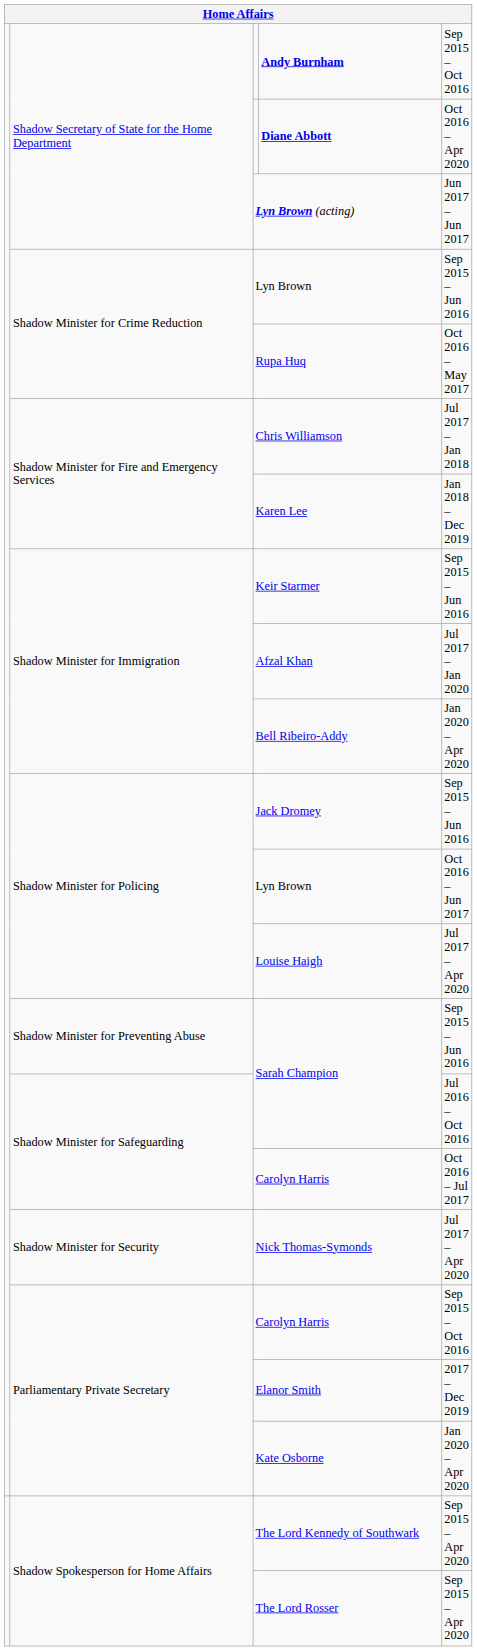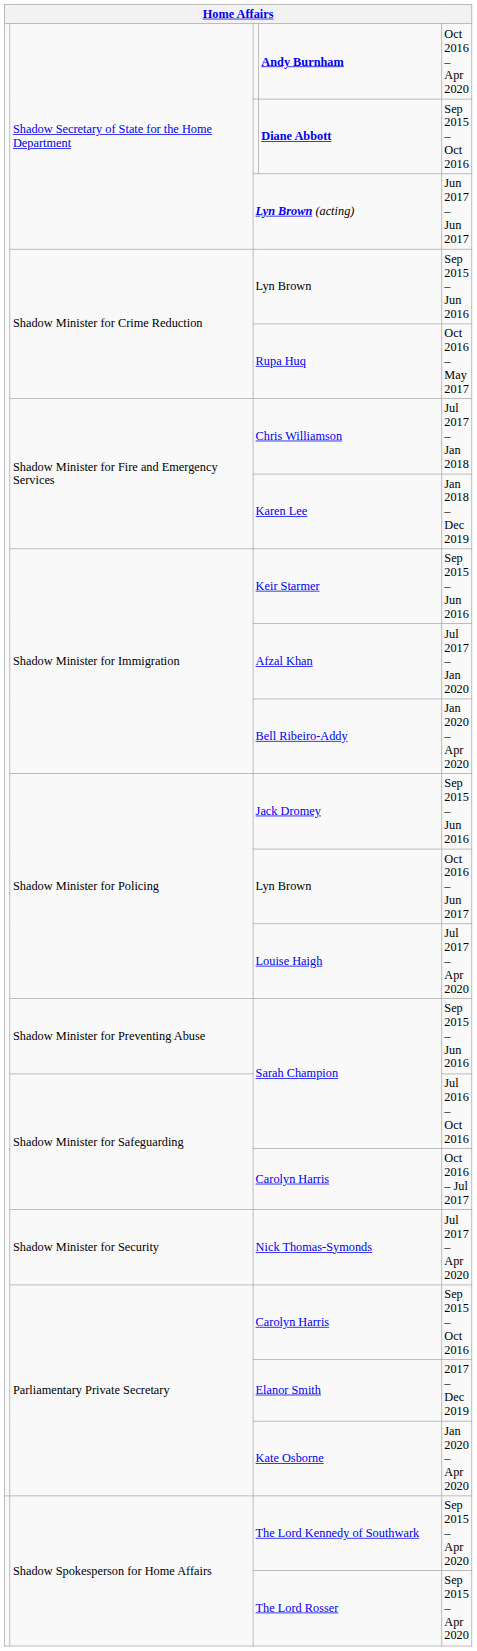 <table class="wikitable">
 <tr>
 <th colspan="5"><a href='#'>Home Affairs</a></th>
 </tr>
 <tr>
 <td rowspan="20" style="background: "></td>
 <td rowspan="3" style="width: 450px;"><a href='#'>Shadow Secretary of State for the Home Department</a></td>
 <td style="background: "></td>
 <td style="width: 337px;"><strong><a href='#'>Andy Burnham</a></strong></td>
-<td>Sep 2015 – Oct 2016</td>
+<td>Oct 2016 – Apr 2020</td>
 </tr>
 <tr>
 <td style="background: "></td>
 <td><strong><a href='#'>Diane Abbott</a></strong></td>
-<td>Oct 2016 – Apr 2020</td>
+<td>Sep 2015 – Oct 2016</td>
 </tr>
 <tr>
 <td colspan="2"><strong><em><a href='#'>Lyn Brown</a></em></strong> <em>(acting)</em></td>
 <td>Jun 2017 – Jun 2017</td>
 </tr>
 <tr>
 <td rowspan="2">Shadow Minister for Crime Reduction</td>
 <td colspan="2">Lyn Brown</td>
 <td>Sep 2015 – Jun 2016</td>
 </tr>
 <tr>
 <td colspan="2"><a href='#'>Rupa Huq</a></td>
 <td>Oct 2016 – May 2017</td>
 </tr>
 <tr>
 <td rowspan="2">Shadow Minister for Fire and Emergency Services</td>
 <td colspan="2"><a href='#'>Chris Williamson</a></td>
 <td>Jul 2017 – Jan 2018</td>
 </tr>
 <tr>
 <td colspan="2"><a href='#'>Karen Lee</a></td>
 <td>Jan 2018 – Dec 2019</td>
 </tr>
 <tr>
 <td rowspan="3">Shadow Minister for Immigration</td>
 <td colspan="2"><a href='#'>Keir Starmer</a></td>
 <td>Sep 2015 – Jun 2016</td>
 </tr>
 <tr>
 <td colspan="2"><a href='#'>Afzal Khan</a></td>
 <td>Jul 2017 – Jan 2020</td>
 </tr>
 <tr>
 <td colspan="2"><a href='#'>Bell Ribeiro-Addy</a></td>
 <td>Jan 2020 – Apr 2020</td>
 </tr>
 <tr>
 <td rowspan="3">Shadow Minister for Policing</td>
 <td colspan="2"><a href='#'>Jack Dromey</a></td>
 <td>Sep 2015 – Jun 2016</td>
 </tr>
 <tr>
 <td colspan="2">Lyn Brown</td>
 <td>Oct 2016 – Jun 2017</td>
 </tr>
 <tr>
 <td colspan="2"><a href='#'>Louise Haigh</a></td>
 <td>Jul 2017 – Apr 2020</td>
 </tr>
 <tr>
 <td>Shadow Minister for Preventing Abuse</td>
 <td colspan="2" rowspan="2"><a href='#'>Sarah Champion</a></td>
 <td>Sep 2015 – Jun 2016</td>
 </tr>
 <tr>
 <td rowspan="2">Shadow Minister for Safeguarding</td>
 <td>Jul 2016 – Oct 2016</td>
 </tr>
 <tr>
 <td colspan="2"><a href='#'>Carolyn Harris</a></td>
 <td>Oct 2016 – Jul 2017</td>
 </tr>
 <tr>
 <td>Shadow Minister for Security</td>
 <td colspan="2"><a href='#'>Nick Thomas-Symonds</a></td>
 <td>Jul 2017 – Apr 2020</td>
 </tr>
 <tr>
 <td rowspan="3">Parliamentary Private Secretary</td>
 <td colspan="2"><a href='#'>Carolyn Harris</a></td>
 <td>Sep 2015 – Oct 2016</td>
 </tr>
 <tr>
 <td colspan="2"><a href='#'>Elanor Smith</a></td>
 <td>2017 – Dec 2019</td>
 </tr>
 <tr>
 <td colspan="2"><a href='#'>Kate Osborne</a></td>
 <td>Jan 2020 – Apr 2020</td>
 </tr>
 <tr>
 <td rowspan="2" style="background: "></td>
 <td rowspan="2">Shadow Spokesperson for Home Affairs</td>
 <td colspan="2"><a href='#'>The Lord Kennedy of Southwark</a></td>
 <td>Sep 2015 – Apr 2020</td>
 </tr>
 <tr>
 <td colspan="2"><a href='#'>The Lord Rosser</a></td>
 <td>Sep 2015 – Apr 2020</td>
 </tr>
 </table>
